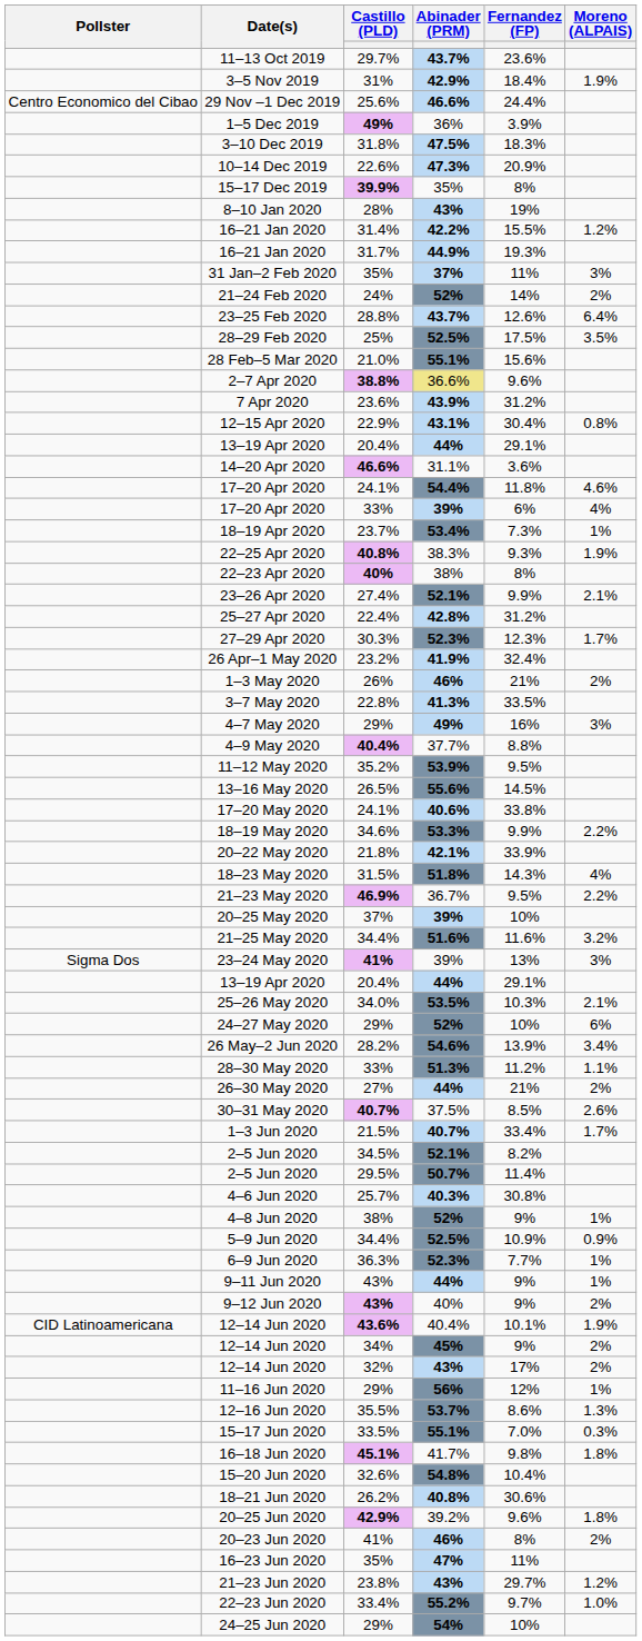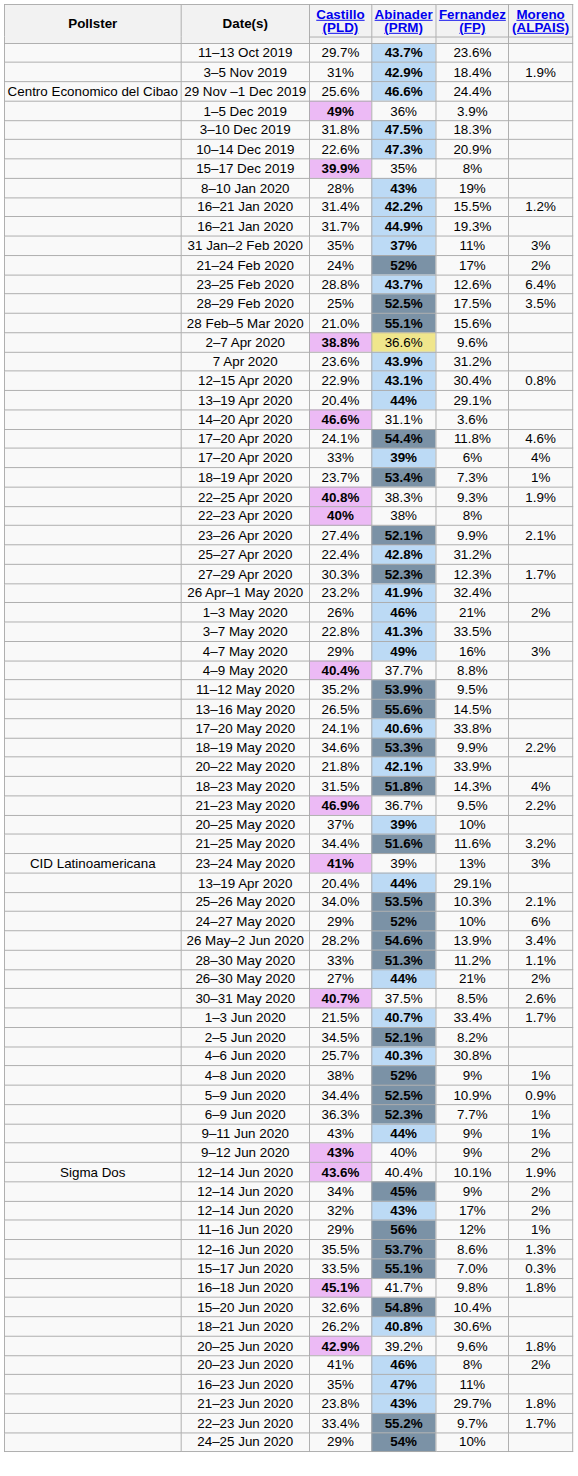 <table class="wikitable sortable" style="text-align:center;font-size:90%;line-height:14px;">
 <tr>
 <th rowspan="2">Pollster</th>
 <th rowspan="2">Date(s)</th>
 <th style="width:60px;"><a href='#'>Castillo</a><br><a href='#'>(PLD)</a></th>
 <th style="width:60px;"><a href='#'>Abinader</a><br><a href='#'>(PRM)</a></th>
 <th style="width:60px;"><a href='#'>Fernandez</a><br><a href='#'>(FP)</a></th>
 <th style="width:60px;"><a href='#'>Moreno</a><br><a href='#'>(ALPAIS)</a></th>
 </tr>
 <tr>
 <th style="background:"></th>
 <th style="background:"></th>
 <th style="background:"></th>
 <th style="background:"></th>
 </tr>
 <tr>
 <td></td>
 <td>11–13 Oct 2019</td>
 <td>29.7%</td>
 <td style="background:#BCDAF5;"><strong>43.7%</strong></td>
 <td>23.6%</td>
 <td></td>
 </tr>
 <tr>
 <td></td>
 <td>3–5 Nov 2019</td>
 <td>31%</td>
 <td style="background:#BCDAF5;"><strong>42.9%</strong></td>
 <td>18.4%</td>
 <td>1.9%</td>
 </tr>
 <tr>
 <td>Centro Economico del Cibao</td>
 <td>29 Nov –1 Dec 2019</td>
 <td>25.6%</td>
 <td style="background:#BCDAF5;"><strong>46.6%</strong></td>
 <td>24.4%</td>
 <td></td>
 </tr>
 <tr>
 <td></td>
 <td>1–5 Dec 2019</td>
 <td style="background:#ECBAF5;"><strong>49%</strong></td>
 <td>36%</td>
 <td>3.9%</td>
 <td></td>
 </tr>
 <tr>
 <td></td>
 <td>3–10 Dec 2019</td>
 <td>31.8%</td>
 <td style="background:#BCDAF5;"><strong>47.5%</strong></td>
 <td>18.3%</td>
 <td></td>
 </tr>
 <tr>
 <td></td>
 <td>10–14 Dec 2019</td>
 <td>22.6%</td>
 <td style="background:#BCDAF5;"><strong>47.3%</strong></td>
 <td>20.9%</td>
 <td></td>
 </tr>
 <tr>
 <td></td>
 <td>15–17 Dec 2019</td>
 <td style="background:#ECBAF5;"><strong>39.9%</strong></td>
 <td>35%</td>
 <td>8%</td>
 <td></td>
 </tr>
 <tr>
 <td></td>
 <td>8–10 Jan 2020</td>
 <td>28%</td>
 <td style="background:#BCDAF5;"><strong>43%</strong></td>
 <td>19%</td>
 <td></td>
 </tr>
 <tr>
 <td></td>
 <td>16–21 Jan 2020</td>
 <td>31.4%</td>
 <td style="background:#BCDAF5;"><strong>42.2%</strong></td>
 <td>15.5%</td>
 <td>1.2%</td>
 </tr>
 <tr>
 <td></td>
 <td>16–21 Jan 2020</td>
 <td>31.7%</td>
 <td style="background:#BCDAF5;"><strong>44.9%</strong></td>
 <td>19.3%</td>
 <td></td>
 </tr>
 <tr>
 <td></td>
 <td>31 Jan–2 Feb 2020</td>
 <td>35%</td>
 <td style="background:#BCDAF5;"><strong>37%</strong></td>
 <td>11%</td>
 <td>3%</td>
 </tr>
 <tr>
 <td></td>
 <td>21–24 Feb 2020</td>
 <td>24%</td>
 <td style="background:#7B92A6;"><strong>52%</strong></td>
-<td>14%</td>
+<td>17%</td>
 <td>2%</td>
 </tr>
 <tr>
 <td></td>
 <td>23–25 Feb 2020</td>
 <td>28.8%</td>
 <td style="background:#BCDAF5;"><strong>43.7%</strong></td>
 <td>12.6%</td>
 <td>6.4%</td>
 </tr>
 <tr>
 <td></td>
 <td>28–29 Feb 2020</td>
 <td>25%</td>
 <td style="background:#7B92A6;"><strong>52.5%</strong></td>
 <td>17.5%</td>
 <td>3.5%</td>
 </tr>
 <tr>
 <td></td>
 <td>28 Feb–5 Mar 2020</td>
 <td>21.0%</td>
 <td style="background:#7B92A6;"><strong>55.1%</strong></td>
 <td>15.6%</td>
 <td></td>
 </tr>
 <tr>
 <td></td>
 <td>2–7 Apr 2020</td>
 <td style="background:#ECBAF5;"><strong>38.8%</strong></td>
 <td style="background: khaki;">36.6%</td>
 <td>9.6%</td>
 <td></td>
 </tr>
 <tr>
 <td></td>
 <td>7 Apr 2020</td>
 <td>23.6%</td>
 <td style="background:#BCDAF5;"><strong>43.9%</strong></td>
 <td>31.2%</td>
 <td></td>
 </tr>
 <tr>
 <td></td>
 <td>12–15 Apr 2020</td>
 <td>22.9%</td>
 <td style="background:#BCDAF5;"><strong>43.1%</strong></td>
 <td>30.4%</td>
 <td>0.8%</td>
 </tr>
 <tr>
 <td></td>
 <td>13–19 Apr 2020</td>
 <td>20.4%</td>
 <td style="background:#BCDAF5;"><strong>44%</strong></td>
 <td>29.1%</td>
 <td></td>
 </tr>
 <tr>
 <td></td>
 <td>14–20 Apr 2020</td>
 <td style="background:#ECBAF5;"><strong>46.6%</strong></td>
 <td>31.1%</td>
 <td>3.6%</td>
 <td></td>
 </tr>
 <tr>
 <td></td>
 <td>17–20 Apr 2020</td>
 <td>24.1%</td>
 <td style="background:#7B92A6;"><strong>54.4%</strong></td>
 <td>11.8%</td>
 <td>4.6%</td>
 </tr>
 <tr>
 <td></td>
 <td>17–20 Apr 2020</td>
 <td>33%</td>
 <td style="background:#BCDAF5;"><strong>39%</strong></td>
 <td>6%</td>
 <td>4%</td>
 </tr>
 <tr>
 <td></td>
 <td>18–19 Apr 2020</td>
 <td>23.7%</td>
 <td style="background:#7B92A6;"><strong>53.4%</strong></td>
 <td>7.3%</td>
 <td>1%</td>
 </tr>
 <tr>
 <td></td>
 <td>22–25 Apr 2020</td>
 <td style="background:#ECBAF5;"><strong>40.8%</strong></td>
 <td>38.3%</td>
 <td>9.3%</td>
 <td>1.9%</td>
 </tr>
 <tr>
 <td></td>
 <td>22–23 Apr 2020</td>
 <td style="background:#ECBAF5;"><strong>40%</strong></td>
 <td>38%</td>
 <td>8%</td>
 <td></td>
 </tr>
 <tr>
 <td></td>
 <td>23–26 Apr 2020</td>
 <td>27.4%</td>
 <td style="background:#7B92A6;"><strong>52.1%</strong></td>
 <td>9.9%</td>
 <td>2.1%</td>
 </tr>
 <tr>
 <td></td>
 <td>25–27 Apr 2020</td>
 <td>22.4%</td>
 <td style="background:#BCDAF5;"><strong>42.8%</strong></td>
 <td>31.2%</td>
 <td></td>
 </tr>
 <tr>
 <td></td>
 <td>27–29 Apr 2020</td>
 <td>30.3%</td>
 <td style="background:#7B92A6;"><strong>52.3%</strong></td>
 <td>12.3%</td>
 <td>1.7%</td>
 </tr>
 <tr>
 <td></td>
 <td>26 Apr–1 May 2020</td>
 <td>23.2%</td>
 <td style="background:#BCDAF5;"><strong>41.9%</strong></td>
 <td>32.4%</td>
 <td></td>
 </tr>
 <tr>
 <td></td>
 <td>1–3 May 2020</td>
 <td>26%</td>
 <td style="background:#BCDAF5;"><strong>46%</strong></td>
 <td>21%</td>
 <td>2%</td>
 </tr>
 <tr>
 <td></td>
 <td>3–7 May 2020</td>
 <td>22.8%</td>
 <td style="background:#BCDAF5;"><strong>41.3%</strong></td>
 <td>33.5%</td>
 <td></td>
 </tr>
 <tr>
 <td></td>
 <td>4–7 May 2020</td>
 <td>29%</td>
 <td style="background:#BCDAF5;"><strong>49%</strong></td>
 <td>16%</td>
 <td>3%</td>
 </tr>
 <tr>
 <td></td>
 <td>4–9 May 2020</td>
 <td style="background:#ECBAF5;"><strong>40.4%</strong></td>
 <td>37.7%</td>
 <td>8.8%</td>
 <td></td>
 </tr>
 <tr>
 <td></td>
 <td>11–12 May 2020</td>
 <td>35.2%</td>
 <td style="background:#7B92A6;"><strong>53.9%</strong></td>
 <td>9.5%</td>
 <td></td>
 </tr>
 <tr>
 <td></td>
 <td>13–16 May 2020</td>
 <td>26.5%</td>
 <td style="background:#7B92A6;"><strong>55.6%</strong></td>
 <td>14.5%</td>
 <td></td>
 </tr>
 <tr>
 <td></td>
 <td>17–20 May 2020</td>
 <td>24.1%</td>
 <td style="background:#BCDAF5;"><strong>40.6%</strong></td>
 <td>33.8%</td>
 <td></td>
 </tr>
 <tr>
 <td></td>
 <td>18–19 May 2020</td>
 <td>34.6%</td>
 <td style="background:#7B92A6;"><strong>53.3%</strong></td>
 <td>9.9%</td>
 <td>2.2%</td>
 </tr>
 <tr>
 <td></td>
 <td>20–22 May 2020</td>
 <td>21.8%</td>
 <td style="background:#BCDAF5;"><strong>42.1%</strong></td>
 <td>33.9%</td>
 <td></td>
 </tr>
 <tr>
 <td></td>
 <td>18–23 May 2020</td>
 <td>31.5%</td>
 <td style="background:#7B92A6;"><strong>51.8%</strong></td>
 <td>14.3%</td>
 <td>4%</td>
 </tr>
 <tr>
 <td></td>
 <td>21–23 May 2020</td>
 <td style="background:#ECBAF5;"><strong>46.9%</strong></td>
 <td>36.7%</td>
 <td>9.5%</td>
 <td>2.2%</td>
 </tr>
 <tr>
 <td></td>
 <td>20–25 May 2020</td>
 <td>37%</td>
 <td style="background:#BCDAF5;"><strong>39%</strong></td>
 <td>10%</td>
 <td></td>
 </tr>
 <tr>
 <td></td>
 <td>21–25 May 2020</td>
 <td>34.4%</td>
 <td style="background:#7B92A6;"><strong>51.6%</strong></td>
 <td>11.6%</td>
 <td>3.2%</td>
 </tr>
 <tr>
-<td>Sigma Dos</td>
+<td>CID Latinoamericana</td>
 <td>23–24 May 2020</td>
 <td style="background:#ECBAF5;"><strong>41%</strong></td>
 <td>39%</td>
 <td>13%</td>
 <td>3%</td>
 </tr>
 <tr>
 <td></td>
 <td>13–19 Apr 2020</td>
 <td>20.4%</td>
 <td style="background:#BCDAF5;"><strong>44%</strong></td>
 <td>29.1%</td>
 <td></td>
 </tr>
 <tr>
 <td></td>
 <td>25–26 May 2020</td>
 <td>34.0%</td>
 <td style="background:#7B92A6;"><strong>53.5%</strong></td>
 <td>10.3%</td>
 <td>2.1%</td>
 </tr>
 <tr>
 <td></td>
 <td>24–27 May 2020</td>
 <td>29%</td>
 <td style="background:#7B92A6;"><strong>52%</strong></td>
 <td>10%</td>
 <td>6%</td>
 </tr>
 <tr>
 <td></td>
 <td>26 May–2 Jun 2020</td>
 <td>28.2%</td>
 <td style="background:#7B92A6;"><strong>54.6%</strong></td>
 <td>13.9%</td>
 <td>3.4%</td>
 </tr>
 <tr>
 <td></td>
 <td>28–30 May 2020</td>
 <td>33%</td>
 <td style="background:#7B92A6;"><strong>51.3%</strong></td>
 <td>11.2%</td>
 <td>1.1%</td>
 </tr>
 <tr>
 <td></td>
 <td>26–30 May 2020</td>
 <td>27%</td>
 <td style="background:#BCDAF5;"><strong>44%</strong></td>
 <td>21%</td>
 <td>2%</td>
 </tr>
 <tr>
 <td></td>
 <td>30–31 May 2020</td>
 <td style="background:#ECBAF5;"><strong>40.7%</strong></td>
 <td>37.5%</td>
 <td>8.5%</td>
 <td>2.6%</td>
 </tr>
 <tr>
 <td></td>
 <td>1–3 Jun 2020</td>
 <td>21.5%</td>
 <td style="background:#BCDAF5;"><strong>40.7%</strong></td>
 <td>33.4%</td>
 <td>1.7%</td>
 </tr>
 <tr>
 <td></td>
 <td>2–5 Jun 2020</td>
 <td>34.5%</td>
 <td style="background:#7B92A6;"><strong>52.1%</strong></td>
 <td>8.2%</td>
 <td></td>
 </tr>
 <tr>
 <td></td>
-<td>2–5 Jun 2020</td>
-<td>29.5%</td>
-<td style="background:#7B92A6;"><strong>50.7%</strong></td>
-<td>11.4%</td>
-<td></td>
-</tr>
-<tr>
-<td></td>
 <td>4–6 Jun 2020</td>
 <td>25.7%</td>
 <td style="background:#BCDAF5;"><strong>40.3%</strong></td>
 <td>30.8%</td>
 <td></td>
 </tr>
 <tr>
 <td></td>
 <td>4–8 Jun 2020</td>
 <td>38%</td>
 <td style="background:#7B92A6;"><strong>52%</strong></td>
 <td>9%</td>
 <td>1%</td>
 </tr>
 <tr>
 <td></td>
 <td>5–9 Jun 2020</td>
 <td>34.4%</td>
 <td style="background:#7B92A6;"><strong>52.5%</strong></td>
 <td>10.9%</td>
 <td>0.9%</td>
 </tr>
 <tr>
 <td></td>
 <td>6–9 Jun 2020</td>
 <td>36.3%</td>
 <td style="background:#7B92A6;"><strong>52.3%</strong></td>
 <td>7.7%</td>
 <td>1%</td>
 </tr>
 <tr>
 <td></td>
 <td>9–11 Jun 2020</td>
 <td>43%</td>
 <td style="background:#BCDAF5;"><strong>44%</strong></td>
 <td>9%</td>
 <td>1%</td>
 </tr>
 <tr>
 <td></td>
 <td>9–12 Jun 2020</td>
 <td style="background:#ECBAF5;"><strong>43%</strong></td>
 <td>40%</td>
 <td>9%</td>
 <td>2%</td>
 </tr>
 <tr>
-<td>CID Latinoamericana</td>
+<td>Sigma Dos</td>
 <td>12–14 Jun 2020</td>
 <td style="background:#ECBAF5;"><strong>43.6%</strong></td>
 <td>40.4%</td>
 <td>10.1%</td>
 <td>1.9%</td>
 </tr>
 <tr>
 <td></td>
 <td>12–14 Jun 2020</td>
 <td>34%</td>
 <td style="background:#7B92A6;"><strong>45%</strong></td>
 <td>9%</td>
 <td>2%</td>
 </tr>
 <tr>
 <td></td>
 <td>12–14 Jun 2020</td>
 <td>32%</td>
 <td style="background:#BCDAF5;"><strong>43%</strong></td>
 <td>17%</td>
 <td>2%</td>
 </tr>
 <tr>
 <td></td>
 <td>11–16 Jun 2020</td>
 <td>29%</td>
 <td style="background:#7B92A6;"><strong>56%</strong></td>
 <td>12%</td>
 <td>1%</td>
 </tr>
 <tr>
 <td></td>
 <td>12–16 Jun 2020</td>
 <td>35.5%</td>
 <td style="background:#7B92A6;"><strong>53.7%</strong></td>
 <td>8.6%</td>
 <td>1.3%</td>
 </tr>
 <tr>
 <td></td>
 <td>15–17 Jun 2020</td>
 <td>33.5%</td>
 <td style="background:#7B92A6;"><strong>55.1%</strong></td>
 <td>7.0%</td>
 <td>0.3%</td>
 </tr>
 <tr>
 <td></td>
 <td>16–18 Jun 2020</td>
 <td style="background:#ECBAF5;"><strong>45.1%</strong></td>
 <td>41.7%</td>
 <td>9.8%</td>
 <td>1.8%</td>
 </tr>
 <tr>
 <td></td>
 <td>15–20 Jun 2020</td>
 <td>32.6%</td>
 <td style="background:#7B92A6;"><strong>54.8%</strong></td>
 <td>10.4%</td>
 <td></td>
 </tr>
 <tr>
 <td></td>
 <td>18–21 Jun 2020</td>
 <td>26.2%</td>
 <td style="background:#BCDAF5;"><strong>40.8%</strong></td>
 <td>30.6%</td>
 <td></td>
 </tr>
 <tr>
 <td></td>
 <td>20–25 Jun 2020</td>
 <td style="background:#ECBAF5;"><strong>42.9%</strong></td>
 <td>39.2%</td>
 <td>9.6%</td>
 <td>1.8%</td>
 </tr>
 <tr>
 <td></td>
 <td>20–23 Jun 2020</td>
 <td>41%</td>
 <td style="background:#BCDAF5;"><strong>46%</strong></td>
 <td>8%</td>
 <td>2%</td>
 </tr>
 <tr>
 <td></td>
 <td>16–23 Jun 2020</td>
 <td>35%</td>
 <td style="background:#BCDAF5;"><strong>47%</strong></td>
 <td>11%</td>
 <td></td>
 </tr>
 <tr>
 <td></td>
 <td>21–23 Jun 2020</td>
 <td>23.8%</td>
 <td style="background:#BCDAF5;"><strong>43%</strong></td>
 <td>29.7%</td>
-<td>1.2%</td>
+<td>1.8%</td>
 </tr>
 <tr>
 <td></td>
 <td>22–23 Jun 2020</td>
 <td>33.4%</td>
 <td style="background:#7B92A6;"><strong>55.2%</strong></td>
 <td>9.7%</td>
-<td>1.0%</td>
+<td>1.7%</td>
 </tr>
 <tr>
 <td></td>
 <td>24–25 Jun 2020</td>
 <td>29%</td>
 <td style="background:#7B92A6;"><strong>54%</strong></td>
 <td>10%</td>
 <td></td>
 </tr>
 </table>
